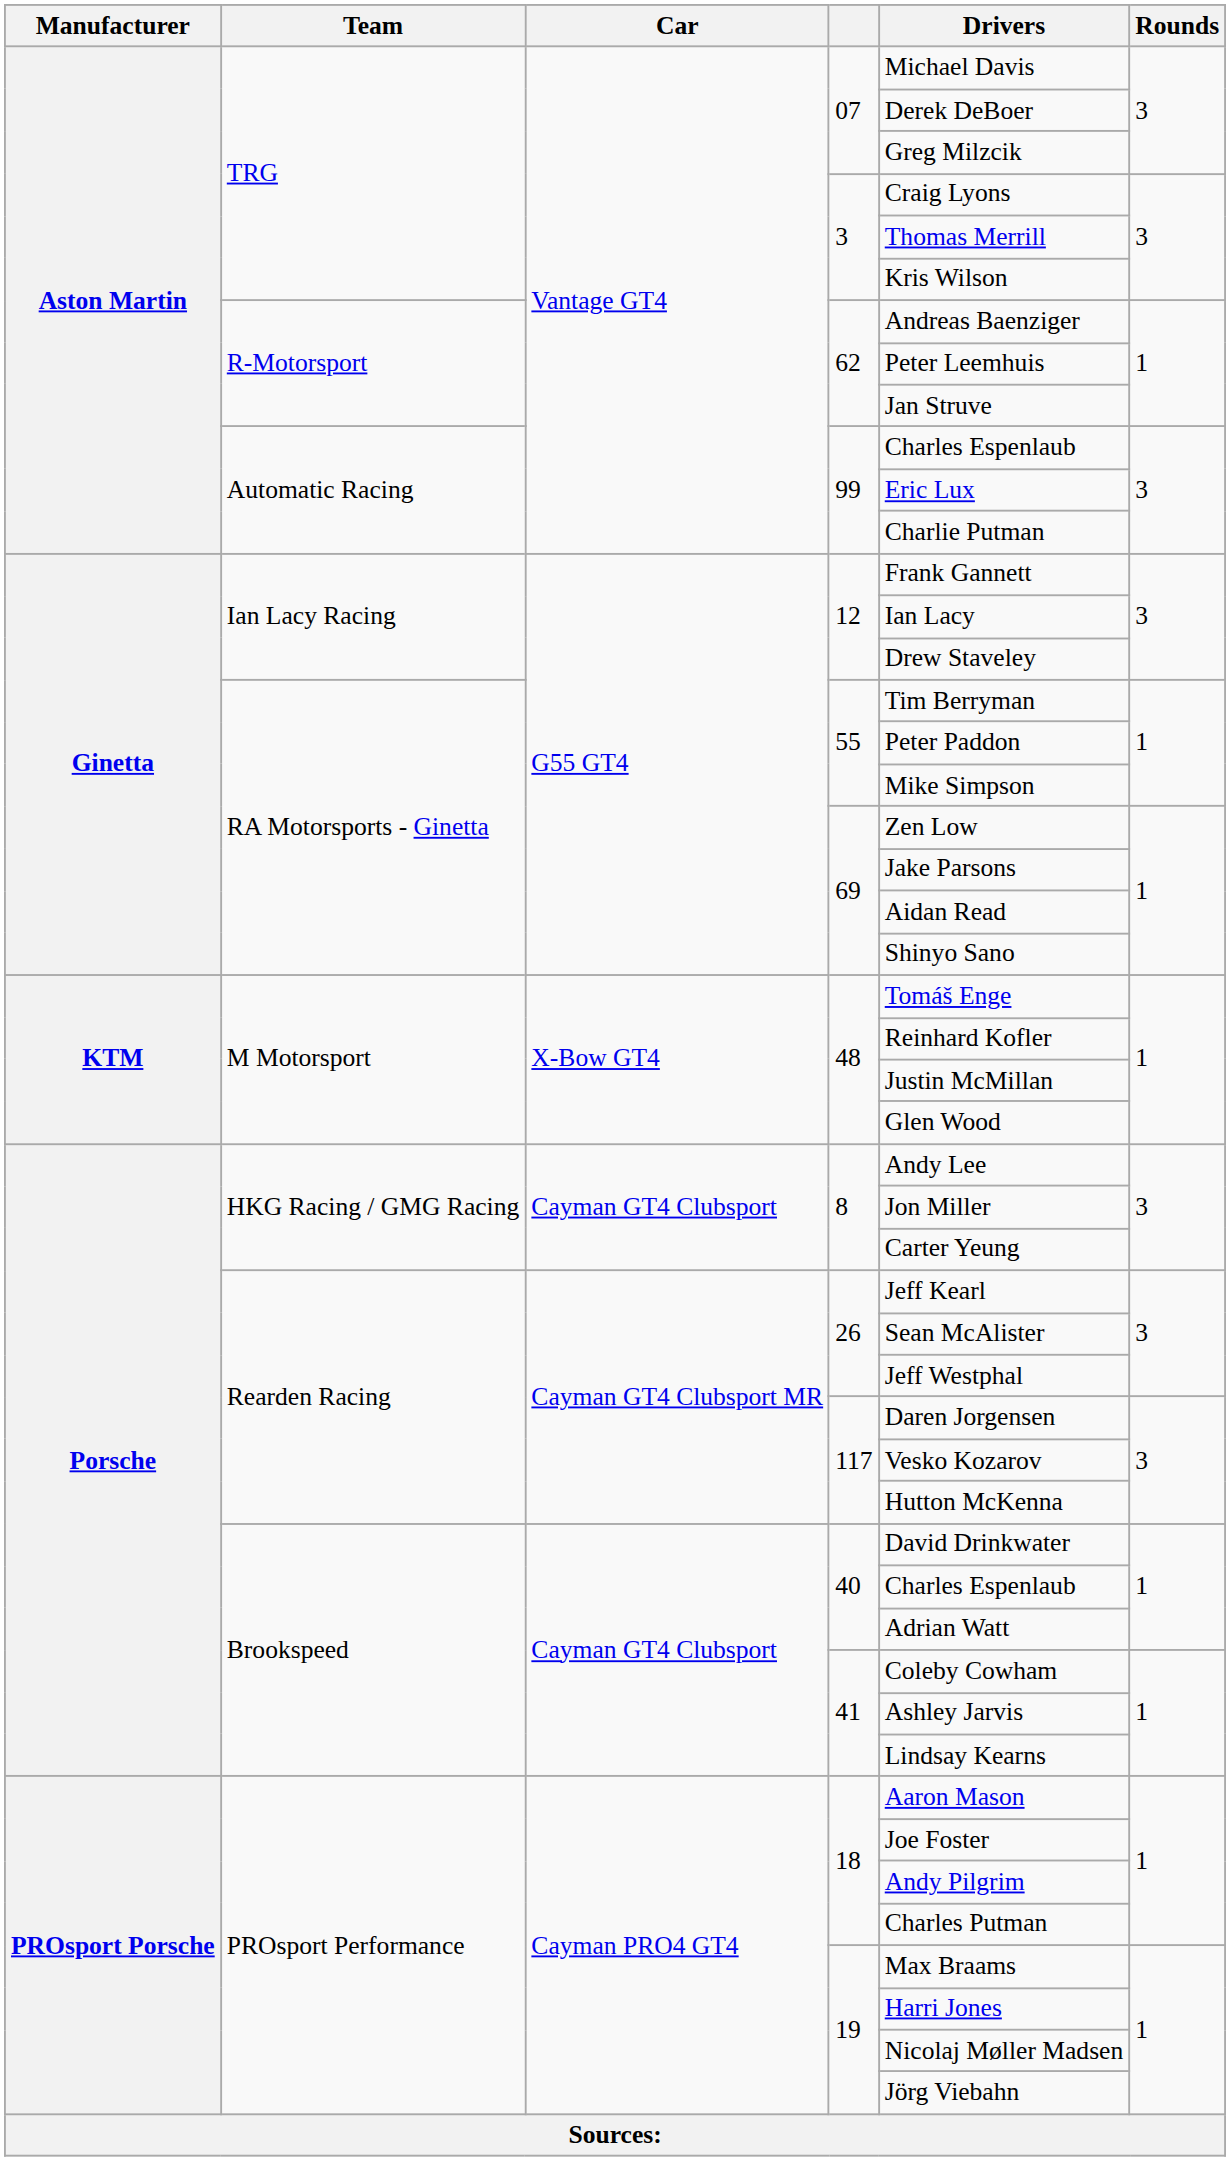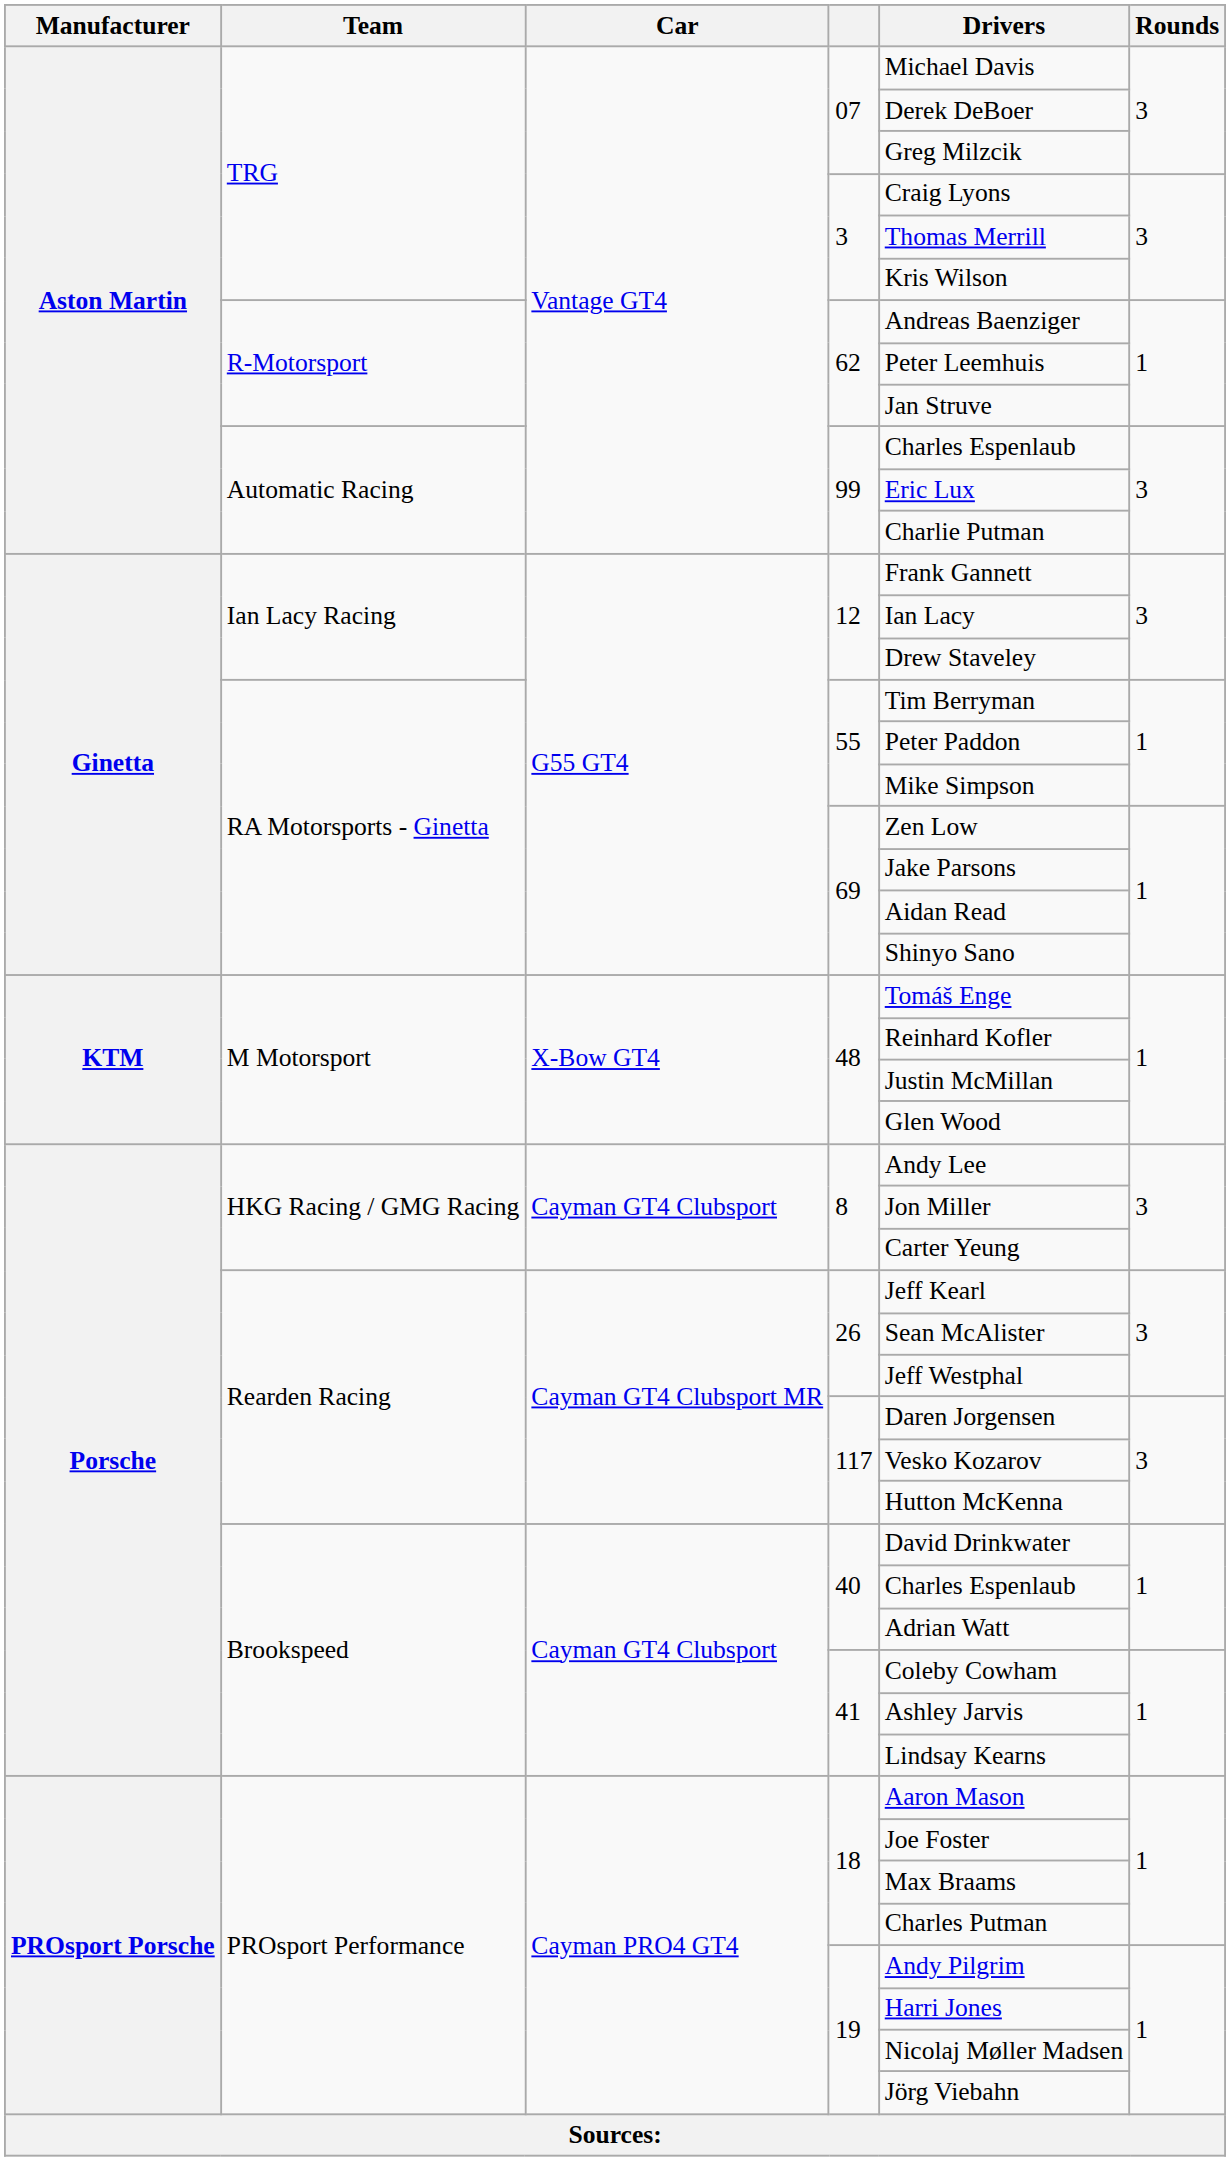 <table class="wikitable" style="font-size: 85%;">
 <tr>
 <th>Manufacturer</th>
 <th>Team</th>
 <th>Car</th>
 <th></th>
 <th>Drivers</th>
 <th>Rounds</th>
 </tr>
 <tr>
 <th rowspan=12><a href='#'>Aston Martin</a></th>
 <td rowspan=6> <a href='#'>TRG</a></td>
 <td rowspan=12><a href='#'>Vantage GT4</a></td>
 <td rowspan=3>07</td>
 <td> Michael Davis</td>
 <td rowspan=3>3</td>
 </tr>
 <tr>
 <td> Derek DeBoer</td>
 </tr>
 <tr>
 <td> Greg Milzcik</td>
 </tr>
 <tr>
 <td rowspan=3>3</td>
 <td> Craig Lyons</td>
 <td rowspan=3>3</td>
 </tr>
 <tr>
 <td> <a href='#'>Thomas Merrill</a></td>
 </tr>
 <tr>
 <td> Kris Wilson</td>
 </tr>
 <tr>
 <td rowspan=3> <a href='#'>R-Motorsport</a></td>
 <td rowspan=3>62</td>
 <td> Andreas Baenziger</td>
 <td rowspan=3>1</td>
 </tr>
 <tr>
 <td> Peter Leemhuis</td>
 </tr>
 <tr>
 <td> Jan Struve</td>
 </tr>
 <tr>
 <td rowspan=3> Automatic Racing</td>
 <td rowspan=3>99</td>
 <td> Charles Espenlaub</td>
 <td rowspan=3>3</td>
 </tr>
 <tr>
 <td> <a href='#'>Eric Lux</a></td>
 </tr>
 <tr>
 <td> Charlie Putman</td>
 </tr>
 <tr>
 <th rowspan=10><a href='#'>Ginetta</a></th>
 <td rowspan=3> Ian Lacy Racing</td>
 <td rowspan=10><a href='#'>G55 GT4</a></td>
 <td rowspan=3>12</td>
 <td> Frank Gannett</td>
 <td rowspan=3>3</td>
 </tr>
 <tr>
 <td> Ian Lacy</td>
 </tr>
 <tr>
 <td> Drew Staveley</td>
 </tr>
 <tr>
 <td rowspan=7> RA Motorsports - <a href='#'>Ginetta</a></td>
 <td rowspan=3>55</td>
 <td> Tim Berryman</td>
 <td rowspan=3>1</td>
 </tr>
 <tr>
 <td> Peter Paddon</td>
 </tr>
 <tr>
 <td> Mike Simpson</td>
 </tr>
 <tr>
 <td rowspan=4>69</td>
 <td> Zen Low</td>
 <td rowspan=4>1</td>
 </tr>
 <tr>
 <td> Jake Parsons</td>
 </tr>
 <tr>
 <td> Aidan Read</td>
 </tr>
 <tr>
 <td> Shinyo Sano</td>
 </tr>
 <tr>
 <th rowspan=4><a href='#'>KTM</a></th>
 <td rowspan=4> M Motorsport</td>
 <td rowspan=4><a href='#'>X-Bow GT4</a></td>
 <td rowspan=4>48</td>
 <td> <a href='#'>Tomáš Enge</a></td>
 <td rowspan=4>1</td>
 </tr>
 <tr>
 <td> Reinhard Kofler</td>
 </tr>
 <tr>
 <td> Justin McMillan</td>
 </tr>
 <tr>
 <td> Glen Wood</td>
 </tr>
 <tr>
 <th rowspan=15><a href='#'>Porsche</a></th>
 <td rowspan=3> HKG Racing / GMG Racing</td>
 <td rowspan=3><a href='#'>Cayman GT4 Clubsport</a></td>
 <td rowspan=3>8</td>
 <td> Andy Lee</td>
 <td rowspan=3>3</td>
 </tr>
 <tr>
 <td> Jon Miller</td>
 </tr>
 <tr>
 <td> Carter Yeung</td>
 </tr>
 <tr>
 <td rowspan=6> Rearden Racing</td>
 <td rowspan=6><a href='#'>Cayman GT4 Clubsport MR</a></td>
 <td rowspan=3>26</td>
 <td> Jeff Kearl</td>
 <td rowspan=3>3</td>
 </tr>
 <tr>
 <td> Sean McAlister</td>
 </tr>
 <tr>
 <td> Jeff Westphal</td>
 </tr>
 <tr>
 <td rowspan=3>117</td>
 <td> Daren Jorgensen</td>
 <td rowspan=3>3</td>
 </tr>
 <tr>
 <td> Vesko Kozarov</td>
 </tr>
 <tr>
 <td> Hutton McKenna</td>
 </tr>
 <tr>
 <td rowspan=6> Brookspeed</td>
 <td rowspan=6><a href='#'>Cayman GT4 Clubsport</a></td>
 <td rowspan=3>40</td>
 <td> David Drinkwater</td>
 <td rowspan=3>1</td>
 </tr>
 <tr>
 <td> Charles Espenlaub</td>
 </tr>
 <tr>
 <td> Adrian Watt</td>
 </tr>
 <tr>
 <td rowspan=3>41</td>
 <td> Coleby Cowham</td>
 <td rowspan=3>1</td>
 </tr>
 <tr>
 <td> Ashley Jarvis</td>
 </tr>
 <tr>
 <td> Lindsay Kearns</td>
 </tr>
 <tr>
 <th rowspan=8><a href='#'>PROsport Porsche</a></th>
 <td rowspan=8> PROsport Performance</td>
 <td rowspan=8><a href='#'>Cayman PRO4 GT4</a></td>
 <td rowspan=4>18</td>
 <td> <a href='#'>Aaron Mason</a></td>
 <td rowspan=4>1</td>
 </tr>
 <tr>
 <td> Joe Foster</td>
 </tr>
 <tr>
-<td> <a href='#'>Andy Pilgrim</a></td>
+<td> Max Braams</td>
 </tr>
 <tr>
 <td> Charles Putman</td>
 </tr>
 <tr>
 <td rowspan=4>19</td>
-<td> Max Braams</td>
+<td> <a href='#'>Andy Pilgrim</a></td>
 <td rowspan=4>1</td>
 </tr>
 <tr>
 <td> <a href='#'>Harri Jones</a></td>
 </tr>
 <tr>
 <td> Nicolaj Møller Madsen</td>
 </tr>
 <tr>
 <td> Jörg Viebahn</td>
 </tr>
 <tr>
 <th colspan=6>Sources:</th>
 </tr>
 </table>
